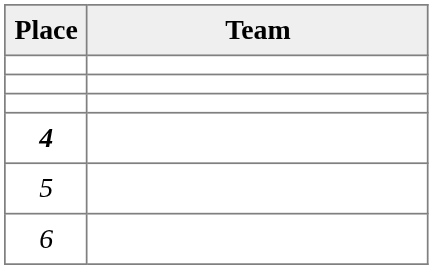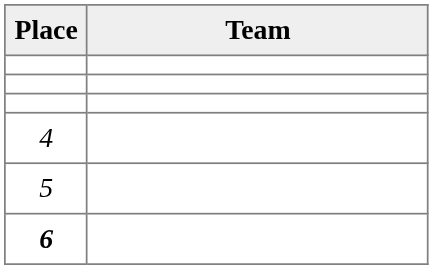 <table style=border-collapse:collapse border=1 cellspacing=0 cellpadding=5>
 <tr align=center bgcolor=#efefef>
 <th width=35>Place</th>
 <th width=185>Team</th>
 </tr>
 <tr align=center>
 <td></td>
 <td style="text-align:left;"></td>
 </tr>
 <tr align=center>
 <td></td>
 <td style="text-align:left;"></td>
 </tr>
 <tr align=center>
 <td></td>
 <td style="text-align:left;"></td>
 </tr>
 <tr align=center>
-<td><strong><em>4</em></strong></td>
+<td><em>4</em></td>
 <td style="text-align:left;"></td>
 </tr>
 <tr align=center>
 <td><em>5</em></td>
 <td style="text-align:left;"></td>
 </tr>
 <tr align=center>
-<td><em>6</em></td>
+<td><strong><em>6</em></strong></td>
 <td style="text-align:left;"></td>
 </tr>
 </table>
